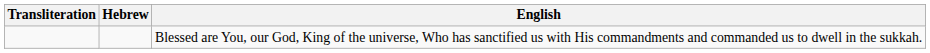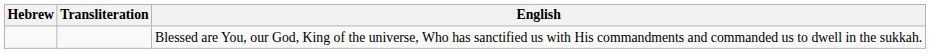 <table class="wikitable">
 <tr>
+<th>Hebrew</th>
 <th>Transliteration</th>
-<th>Hebrew</th>
 <th>English</th>
 </tr>
 <tr>
 <td></td>
 <td></td>
 <td>Blessed are You,  our God, King of the universe, Who has sanctified us with His commandments and commanded us to dwell in the sukkah.</td>
 </tr>
 </table>
